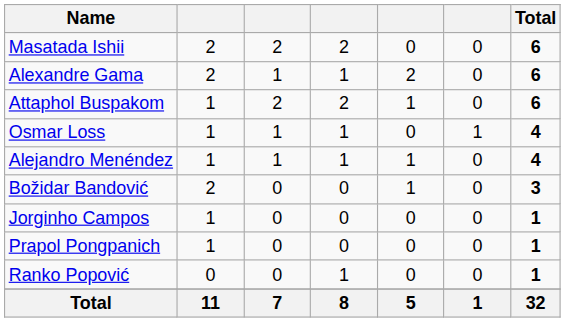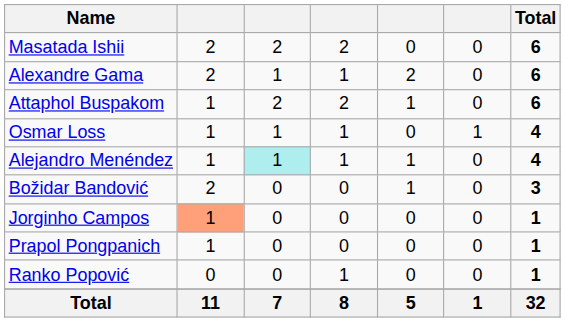 <table class="wikitable sortable" style="text-align:center">
 <tr>
 <th>Name</th>
 <th style="width: 12%"></th>
 <th style="width: 12%"></th>
 <th style="width: 12%"></th>
 <th style="width: 12%"></th>
 <th style="width: 12%"></th>
 <th>Total</th>
 </tr>
 <tr>
 <td align="left"> <a href='#'>Masatada Ishii</a></td>
 <td>2</td>
 <td>2</td>
 <td>2</td>
 <td>0</td>
 <td>0</td>
 <td><strong>6</strong></td>
 </tr>
 <tr>
 <td align="left"> <a href='#'>Alexandre Gama</a></td>
 <td>2</td>
 <td>1</td>
 <td>1</td>
 <td>2</td>
 <td>0</td>
 <td><strong>6</strong></td>
 </tr>
 <tr>
 <td align="left"> <a href='#'>Attaphol Buspakom</a></td>
 <td>1</td>
 <td>2</td>
 <td>2</td>
 <td>1</td>
 <td>0</td>
 <td><strong>6</strong></td>
 </tr>
 <tr>
 <td align="left"> <a href='#'>Osmar Loss</a></td>
 <td>1</td>
 <td>1</td>
 <td>1</td>
 <td>0</td>
 <td>1</td>
 <td><strong>4</strong></td>
 </tr>
 <tr>
 <td align="left"> <a href='#'>Alejandro Menéndez</a></td>
 <td>1</td>
-<td>1</td>
+<td style="background: paleturquoise;">1</td>
 <td>1</td>
 <td>1</td>
 <td>0</td>
 <td><strong>4</strong></td>
 </tr>
 <tr>
 <td align="left"> <a href='#'>Božidar Bandović</a></td>
 <td>2</td>
 <td>0</td>
 <td>0</td>
 <td>1</td>
 <td>0</td>
 <td><strong>3</strong></td>
 </tr>
 <tr>
 <td align="left"> <a href='#'>Jorginho Campos</a></td>
-<td>1</td>
+<td style="background: lightsalmon;">1</td>
 <td>0</td>
 <td>0</td>
 <td>0</td>
 <td>0</td>
 <td><strong>1</strong></td>
 </tr>
 <tr>
 <td align="left"> <a href='#'>Prapol Pongpanich</a></td>
 <td>1</td>
 <td>0</td>
 <td>0</td>
 <td>0</td>
 <td>0</td>
 <td><strong>1</strong></td>
 </tr>
 <tr>
 <td align="left"> <a href='#'>Ranko Popović</a></td>
 <td>0</td>
 <td>0</td>
 <td>1</td>
 <td>0</td>
 <td>0</td>
 <td><strong>1</strong></td>
 </tr>
 <tr>
 </tr>
 <tr class="sortbottom">
 <th align="left"><strong>Total</strong></th>
 <th><strong>11</strong></th>
 <th><strong>7</strong></th>
 <th><strong>8</strong></th>
 <th><strong>5</strong></th>
 <th><strong>1</strong></th>
 <th><strong>32</strong></th>
 </tr>
 </table>
